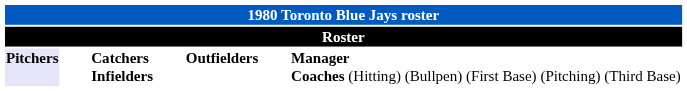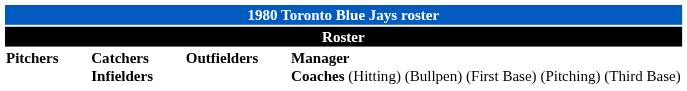 <table class="toccolours" style="font-size: 95%;">
 <tr>
 <th colspan="10" style="background-color: #005ac0; color: white; text-align: center;">1980 Toronto Blue Jays roster</th>
 </tr>
 <tr>
 <td colspan="10" style="background-color: black; color: white; text-align: center;"><strong>Roster</strong></td>
 </tr>
 <tr>
-<td valign="top" style="background: lavender;"><strong>Pitchers</strong><br>              </td>
+<td valign="top"><strong>Pitchers</strong><br>              </td>
 <td width="25px"></td>
 <td valign="top"><strong>Catchers</strong><br>   <strong>Infielders</strong>           </td>
 <td width="25px"></td>
 <td valign="top"><strong>Outfielders</strong><br>       </td>
 <td width="25px"></td>
 <td valign="top"><strong>Manager</strong><br> <strong>Coaches</strong>  (Hitting)  (Bullpen)  (First Base)  (Pitching)  (Third Base)</td>
 </tr>
 </table>
